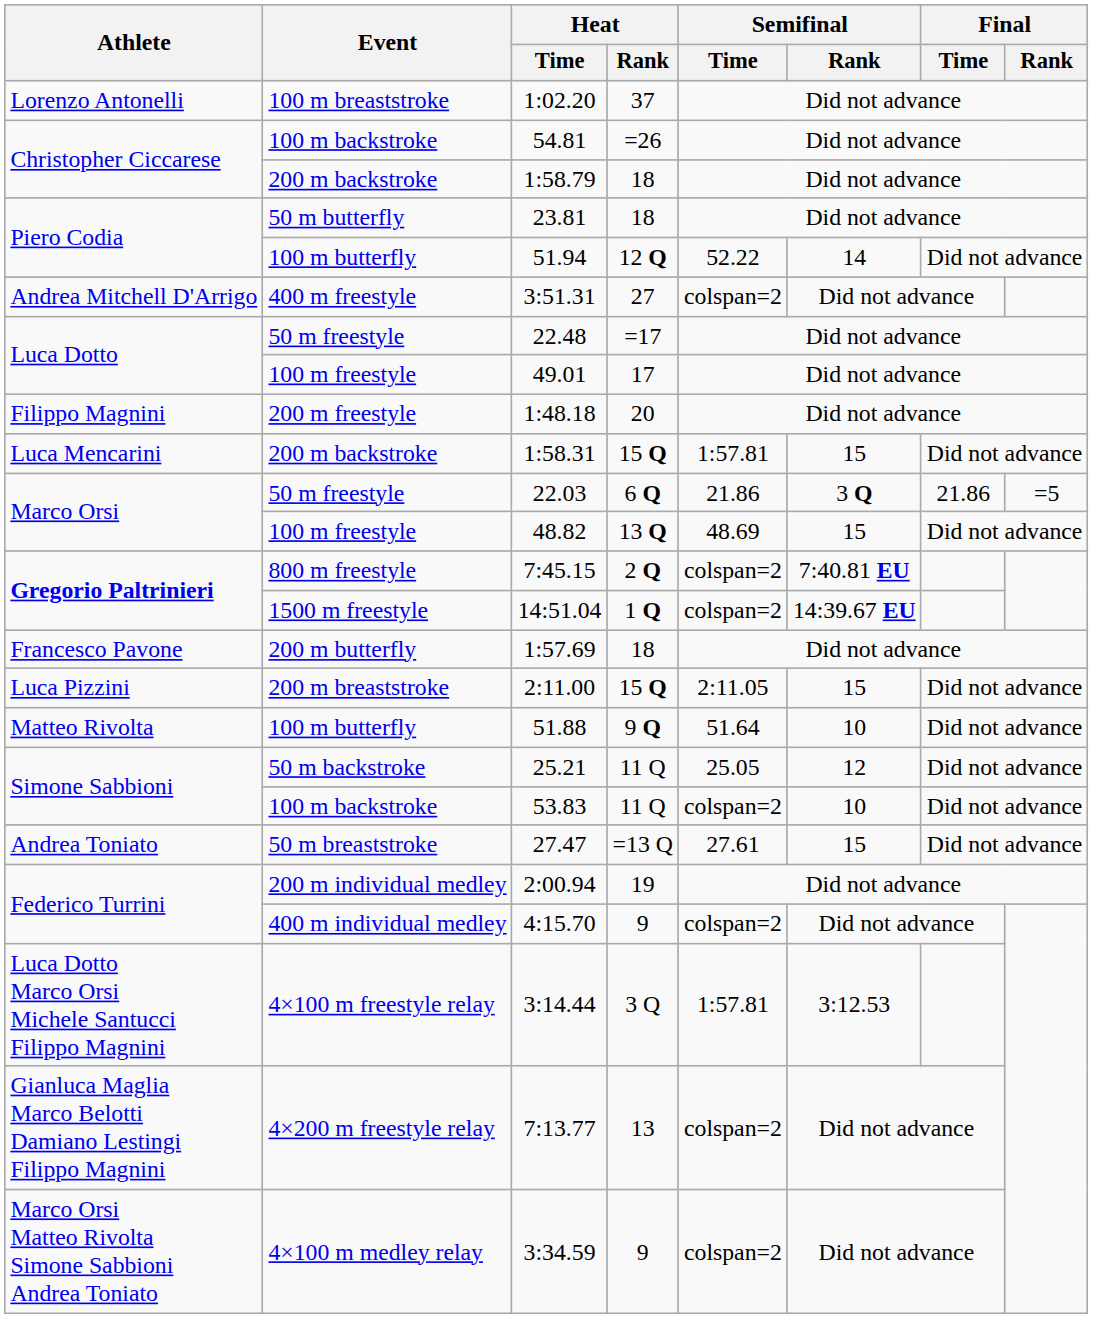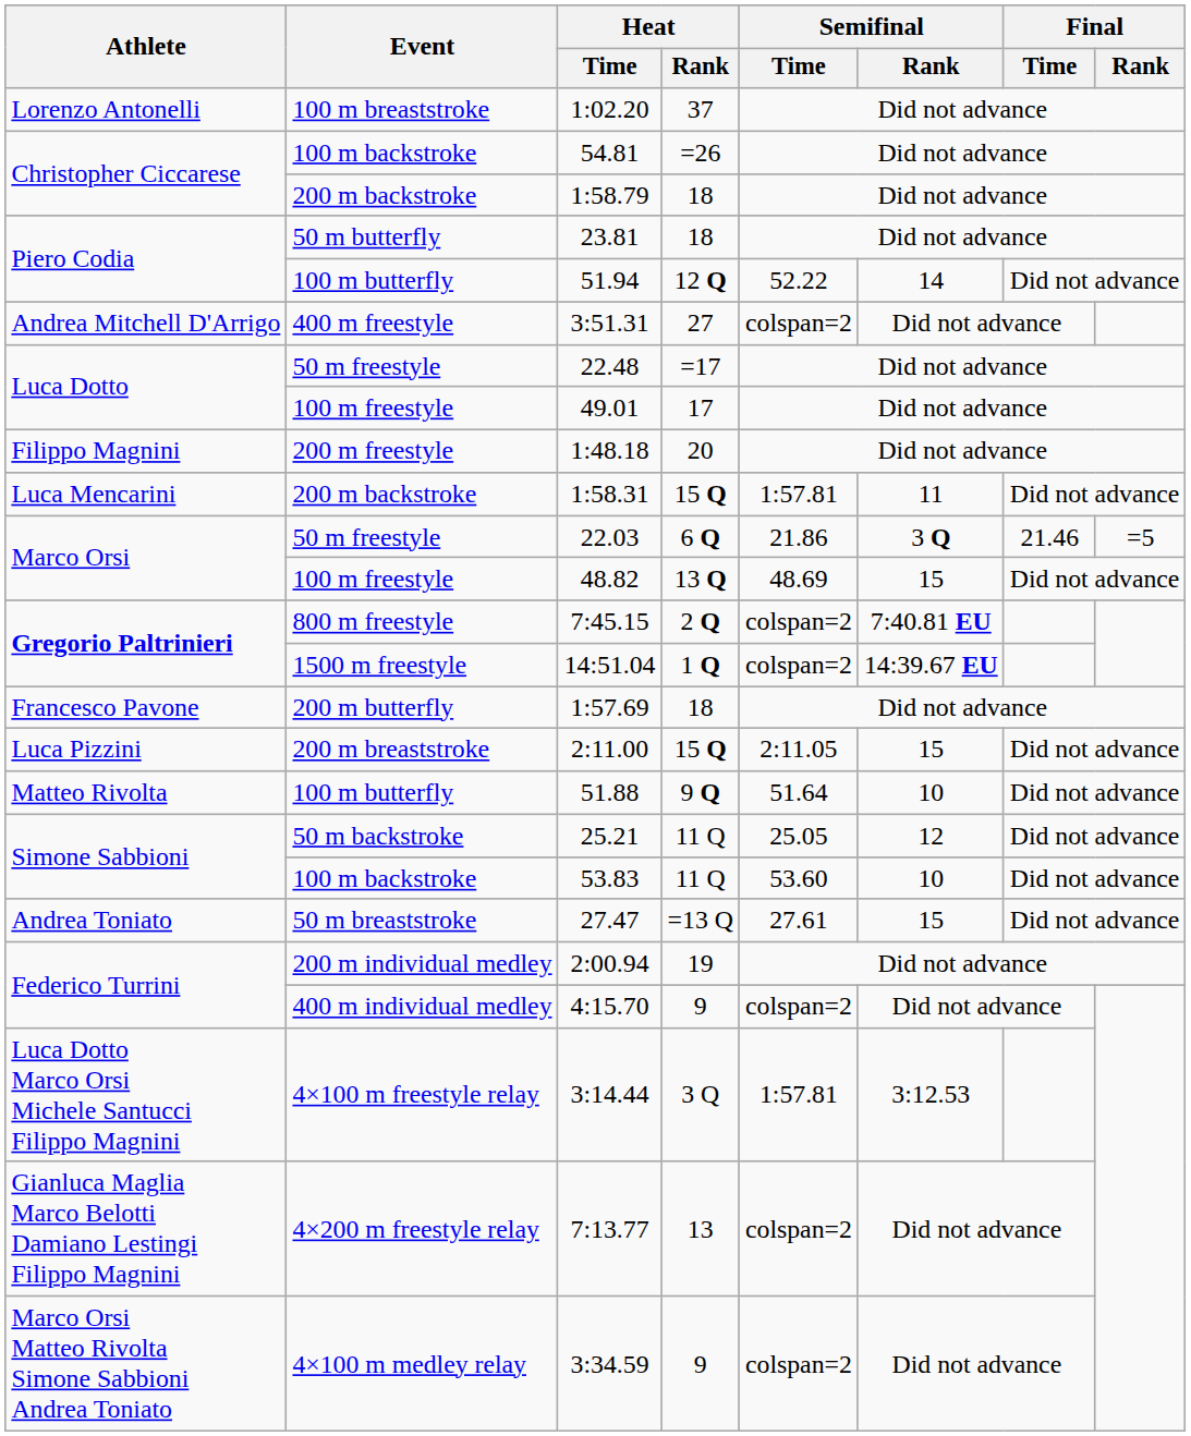 <table class=wikitable style="font-size:90%">
 <tr>
 <th rowspan="2">Athlete</th>
 <th rowspan="2">Event</th>
 <th colspan="2">Heat</th>
 <th colspan="2">Semifinal</th>
 <th colspan="2">Final</th>
 </tr>
 <tr style="font-size:95%">
 <th>Time</th>
 <th>Rank</th>
 <th>Time</th>
 <th>Rank</th>
 <th>Time</th>
 <th>Rank</th>
 </tr>
 <tr align=center>
 <td align=left><a href='#'>Lorenzo Antonelli</a></td>
 <td align=left><a href='#'>100 m breaststroke</a></td>
 <td>1:02.20</td>
 <td>37</td>
 <td colspan=4>Did not advance</td>
 </tr>
 <tr align=center>
 <td align=left rowspan=2><a href='#'>Christopher Ciccarese</a></td>
 <td align=left><a href='#'>100 m backstroke</a></td>
 <td>54.81</td>
 <td>=26</td>
 <td colspan=4>Did not advance</td>
 </tr>
 <tr align=center>
 <td align=left><a href='#'>200 m backstroke</a></td>
 <td>1:58.79</td>
 <td>18</td>
 <td colspan=4>Did not advance</td>
 </tr>
 <tr align=center>
 <td align=left rowspan=2><a href='#'>Piero Codia</a></td>
 <td align=left><a href='#'>50 m butterfly</a></td>
 <td>23.81</td>
 <td>18</td>
 <td colspan=4>Did not advance</td>
 </tr>
 <tr align=center>
 <td align=left><a href='#'>100 m butterfly</a></td>
 <td>51.94</td>
 <td>12 <strong>Q</strong></td>
 <td>52.22</td>
 <td>14</td>
 <td colspan=2>Did not advance</td>
 </tr>
 <tr align=center>
 <td align=left><a href='#'>Andrea Mitchell D'Arrigo</a></td>
 <td align=left><a href='#'>400 m freestyle</a></td>
 <td>3:51.31</td>
 <td>27</td>
 <td>colspan=2 </td>
 <td colspan=2>Did not advance</td>
 </tr>
 <tr align=center>
 <td align=left rowspan=2><a href='#'>Luca Dotto</a></td>
 <td align=left><a href='#'>50 m freestyle</a></td>
 <td>22.48</td>
 <td>=17</td>
 <td colspan=4>Did not advance</td>
 </tr>
 <tr align=center>
 <td align=left><a href='#'>100 m freestyle</a></td>
 <td>49.01</td>
 <td>17</td>
 <td colspan=4>Did not advance</td>
 </tr>
 <tr align=center>
 <td align=left><a href='#'>Filippo Magnini</a></td>
 <td align=left><a href='#'>200 m freestyle</a></td>
 <td>1:48.18</td>
 <td>20</td>
 <td colspan=4>Did not advance</td>
 </tr>
 <tr align=center>
 <td align=left><a href='#'>Luca Mencarini</a></td>
 <td align=left><a href='#'>200 m backstroke</a></td>
 <td>1:58.31</td>
 <td>15 <strong>Q</strong></td>
 <td>1:57.81</td>
-<td>15</td>
+<td>11</td>
 <td colspan=2>Did not advance</td>
 </tr>
 <tr align=center>
 <td align=left rowspan=2><a href='#'>Marco Orsi</a></td>
 <td align=left><a href='#'>50 m freestyle</a></td>
 <td>22.03</td>
 <td>6 <strong>Q</strong></td>
 <td>21.86</td>
 <td>3 <strong>Q</strong></td>
-<td>21.86</td>
+<td>21.46</td>
 <td>=5</td>
 </tr>
 <tr align=center>
 <td align=left><a href='#'>100 m freestyle</a></td>
 <td>48.82</td>
 <td>13 <strong>Q</strong></td>
 <td>48.69</td>
 <td>15</td>
 <td colspan=2>Did not advance</td>
 </tr>
 <tr align=center>
 <td align=left rowspan=2><strong><a href='#'>Gregorio Paltrinieri</a></strong></td>
 <td align=left><a href='#'>800 m freestyle</a></td>
 <td>7:45.15</td>
 <td>2 <strong>Q</strong></td>
 <td>colspan=2 </td>
 <td>7:40.81 <strong><a href='#'>EU</a></strong></td>
 <td></td>
 </tr>
 <tr align=center>
 <td align=left><a href='#'>1500 m freestyle</a></td>
 <td>14:51.04</td>
 <td>1 <strong>Q</strong></td>
 <td>colspan=2 </td>
 <td>14:39.67 <strong><a href='#'>EU</a></strong></td>
 <td></td>
 </tr>
 <tr align=center>
 <td align=left><a href='#'>Francesco Pavone</a></td>
 <td align=left><a href='#'>200 m butterfly</a></td>
 <td>1:57.69</td>
 <td>18</td>
 <td colspan=4>Did not advance</td>
 </tr>
 <tr align=center>
 <td align=left><a href='#'>Luca Pizzini</a></td>
 <td align=left><a href='#'>200 m breaststroke</a></td>
 <td>2:11.00</td>
 <td>15 <strong>Q</strong></td>
 <td>2:11.05</td>
 <td>15</td>
 <td colspan=2>Did not advance</td>
 </tr>
 <tr align=center>
 <td align=left><a href='#'>Matteo Rivolta</a></td>
 <td align=left><a href='#'>100 m butterfly</a></td>
 <td>51.88</td>
 <td>9 <strong>Q<em></td>
 <td>51.64</td>
 <td>10</td>
 <td colspan=2>Did not advance</td>
 </tr>
 <tr align=center>
 <td align=left rowspan=2><a href='#'>Simone Sabbioni</a></td>
 <td align=left><a href='#'>50 m backstroke</a></td>
 <td>25.21</td>
 <td>11 </strong>Q<strong></td>
 <td>25.05</td>
 <td>12</td>
 <td colspan=2>Did not advance</td>
 </tr>
 <tr align=center>
 <td align=left><a href='#'>100 m backstroke</a></td>
 <td>53.83</td>
 <td>11 </strong>Q<strong></td>
-<td>colspan=2 </td>
+<td>53.60</td>
 <td>10</td>
 <td colspan=2>Did not advance</td>
 </tr>
 <tr align=center>
 <td align=left><a href='#'>Andrea Toniato</a></td>
 <td align=left><a href='#'>50 m breaststroke</a></td>
 <td>27.47</td>
 <td>=13 </strong>Q<strong></td>
 <td>27.61</td>
 <td>15</td>
 <td colspan=2>Did not advance</td>
 </tr>
 <tr align=center>
 <td align=left rowspan=2><a href='#'>Federico Turrini</a></td>
 <td align=left><a href='#'>200 m individual medley</a></td>
 <td>2:00.94</td>
 <td>19</td>
 <td colspan=4>Did not advance</td>
 </tr>
 <tr align=center>
 <td align=left><a href='#'>400 m individual medley</a></td>
 <td>4:15.70</td>
 <td>9</td>
 <td>colspan=2 </td>
 <td colspan=2>Did not advance</td>
 </tr>
 <tr align=center>
 <td align=left></strong><a href='#'>Luca Dotto</a><br><a href='#'>Marco Orsi</a><br><a href='#'>Michele Santucci</a><br><a href='#'>Filippo Magnini</a><strong></td>
 <td align=left><a href='#'>4×100 m freestyle relay</a></td>
 <td>3:14.44</td>
 <td>3 </strong>Q<strong></td>
 <td>1:57.81</td>
 <td>3:12.53</td>
 <td></td>
 </tr>
 <tr align=center>
 <td align=left><a href='#'>Gianluca Maglia</a><br><a href='#'>Marco Belotti</a><br><a href='#'>Damiano Lestingi</a><br><a href='#'>Filippo Magnini</a></td>
 <td align=left><a href='#'>4×200 m freestyle relay</a></td>
 <td>7:13.77</td>
 <td>13</td>
 <td>colspan=2 </td>
 <td colspan=2>Did not advance</td>
 </tr>
 <tr align=center>
 <td align=left><a href='#'>Marco Orsi</a><br><a href='#'>Matteo Rivolta</a><br><a href='#'>Simone Sabbioni</a><br><a href='#'>Andrea Toniato</a></td>
 <td align=left><a href='#'>4×100 m medley relay</a></td>
 <td>3:34.59</td>
 <td>9</td>
 <td>colspan=2 </td>
 <td colspan=2>Did not advance</td>
 </tr>
 </table>
